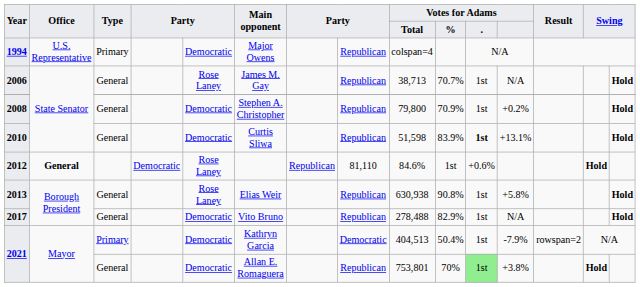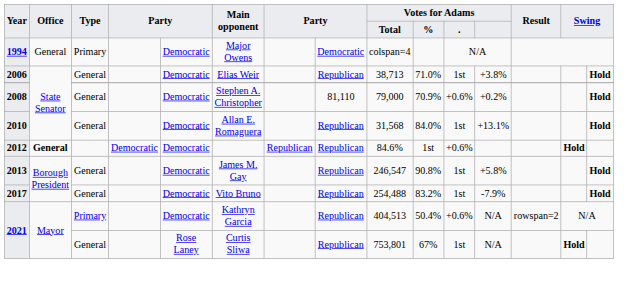 <table class="wikitable" style="font-size:90%; text-align:center;">
 <tr>
 <th style="background-color:#EAECF0;" rowspan=2>Year</th>
 <th style="background-color:#EAECF0;" rowspan=2>Office</th>
 <th style="background-color:#EAECF0;" rowspan=2>Type</th>
 <th style="background-color:#EAECF0;" colspan=2 rowspan=2>Party</th>
 <th style="background-color:#EAECF0;" rowspan=2>Main opponent</th>
 <th style="background-color:#EAECF0;" colspan=2 rowspan=2>Party</th>
 <th style="background-color:#EAECF0;" colspan=4>Votes for Adams</th>
 <th style="background-color:#EAECF0;" rowspan=2>Result</th>
 <th style="background-color:#EAECF0;" colspan=2 rowspan=2><a href='#'>Swing</a></th>
 </tr>
 <tr>
 <th style="background-color:#EAECF0;">Total</th>
 <th style="background-color:#EAECF0;">%</th>
 <th style="background-color:#EAECF0;">.</th>
 <th style="background-color:#EAECF0;"></th>
 </tr>
 <tr>
 <th style="background-color:#EAECF0;"><a href='#'>1994</a></th>
-<td><a href='#'>U.S. Representative</a></td>
+<td>General</td>
 <td>Primary</td>
 <td style="background-color:"></td>
 <td><a href='#'>Democratic</a></td>
 <td><a href='#'>Major Owens</a></td>
 <td style="background-color:"></td>
-<td><a href='#'>Republican</a></td>
+<td><a href='#'>Democratic</a></td>
 <td>colspan=4 </td>
 <td></td>
 <td colspan=2>N/A</td>
 </tr>
 <tr |->
 <th style="background-color:#EAECF0;">2006</th>
 <td rowspan="4"><a href='#'>State Senator</a></td>
 <td>General</td>
 <td style="background-color:"></td>
-<td><a href='#'>Rose Laney</a></td>
-<td><a href='#'>James M. Gay</a></td>
+<td><a href='#'>Democratic</a></td>
+<td><a href='#'>Elias Weir</a></td>
 <td style="background-color:"></td>
 <td><a href='#'>Republican</a></td>
 <td>38,713</td>
-<td>70.7%</td>
+<td>71.0%</td>
 <td>1st</td>
-<td>N/A</td>
+<td>+3.8%</td>
 <td></td>
 <td style="background-color:"></td>
 <td><strong>Hold</strong></td>
 </tr>
 <tr>
 </tr>
 <tr>
 <th style="background-color:#EAECF0;">2008</th>
 <td>General</td>
 <td style="background-color:"></td>
 <td><a href='#'>Democratic</a></td>
 <td><a href='#'>Stephen A. Christopher</a></td>
 <td style="background-color:"></td>
-<td><a href='#'>Republican</a></td>
-<td>79,800</td>
+<td>81,110</td>
+<td>79,000</td>
 <td>70.9%</td>
-<td>1st</td>
+<td>+0.6%</td>
 <td>+0.2%</td>
 <td></td>
 <td style="background-color:"></td>
 <td><strong>Hold</strong></td>
 </tr>
 <tr>
 <th style="background-color:#EAECF0;">2010</th>
 <td>General</td>
 <td style="background-color:"></td>
 <td><a href='#'>Democratic</a></td>
-<td><a href='#'>Curtis Sliwa</a></td>
+<td><a href='#'>Allan E. Romaguera</a></td>
 <td style="background-color:"></td>
 <td><a href='#'>Republican</a></td>
-<td>51,598</td>
-<td>83.9%</td>
-<td><strong>1st</strong></td>
+<td>31,568</td>
+<td>84.0%</td>
+<td>1st</td>
 <td>+13.1%</td>
 <td></td>
 <td style="background-color:"></td>
 <td><strong>Hold</strong></td>
 </tr>
 <tr>
 <th style="background-color:#EAECF0;">2012</th>
 <td><strong>General</strong></td>
 <td style="background-color:"></td>
 <td><a href='#'>Democratic</a></td>
-<td><a href='#'>Rose Laney</a></td>
+<td><a href='#'>Democratic</a></td>
 <td style="background-color:"></td>
 <td><a href='#'>Republican</a></td>
-<td>81,110</td>
+<td><a href='#'>Republican</a></td>
 <td>84.6%</td>
 <td>1st</td>
 <td>+0.6%</td>
 <td></td>
 <td style="background-color:"></td>
 <td><strong>Hold</strong></td>
 </tr>
 <tr>
 <th style="background-color:#EAECF0;">2013</th>
 <td rowspan="2"><a href='#'>Borough President</a></td>
 <td>General</td>
 <td style="background-color:"></td>
-<td><a href='#'>Rose Laney</a></td>
-<td><a href='#'>Elias Weir</a></td>
+<td><a href='#'>Democratic</a></td>
+<td><a href='#'>James M. Gay</a></td>
 <td style="background-color:"></td>
 <td><a href='#'>Republican</a></td>
-<td>630,938</td>
+<td>246,547</td>
 <td>90.8%</td>
 <td>1st</td>
 <td>+5.8%</td>
 <td></td>
 <td style="background-color:"></td>
 <td><strong>Hold</strong></td>
 </tr>
 <tr>
 <th style="background-color:#EAECF0;">2017</th>
 <td>General</td>
 <td style="background-color:"></td>
 <td><a href='#'>Democratic</a></td>
 <td><a href='#'>Vito Bruno</a></td>
 <td style="background-color:"></td>
 <td><a href='#'>Republican</a></td>
-<td>278,488</td>
-<td>82.9%</td>
+<td>254,488</td>
+<td>83.2%</td>
 <td>1st</td>
-<td>N/A</td>
+<td>-7.9%</td>
 <td></td>
 <td style="background-color:"></td>
 <td><strong>Hold</strong></td>
 </tr>
 <tr>
 <th rowspan="2" style="background-color:#EAECF0;"><a href='#'>2021</a></th>
 <td rowspan="2"><a href='#'>Mayor</a></td>
 <td><a href='#'>Primary</a></td>
 <td style="background-color:"></td>
 <td><a href='#'>Democratic</a></td>
 <td><a href='#'>Kathryn Garcia</a></td>
 <td style="background-color:"></td>
-<td><a href='#'>Democratic</a></td>
+<td><a href='#'>Republican</a></td>
 <td>404,513</td>
 <td>50.4%</td>
-<td>1st</td>
-<td>-7.9%</td>
+<td>+0.6%</td>
+<td>N/A</td>
 <td>rowspan=2 </td>
 <td colspan="2">N/A</td>
 </tr>
 <tr>
 <td>General</td>
 <td style="background-color:"></td>
-<td><a href='#'>Democratic</a></td>
-<td><a href='#'>Allan E. Romaguera</a></td>
+<td><a href='#'>Rose Laney</a></td>
+<td><a href='#'>Curtis Sliwa</a></td>
 <td style="background-color:"></td>
 <td><a href='#'>Republican</a></td>
 <td>753,801</td>
-<td>70%</td>
-<td style="background: lightgreen;">1st</td>
-<td>+3.8%</td>
+<td>67%</td>
+<td>1st</td>
+<td>N/A</td>
 <td style="background-color:"></td>
 <td><strong>Hold</strong></td>
 </tr>
 </table>
